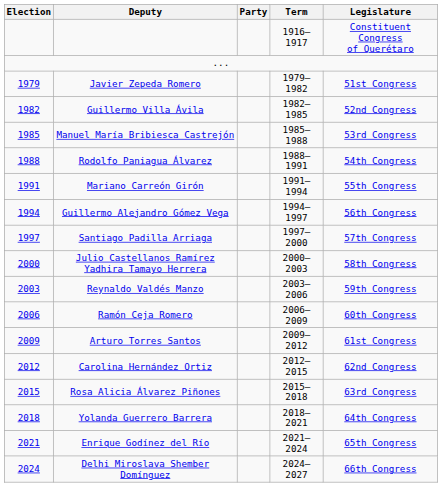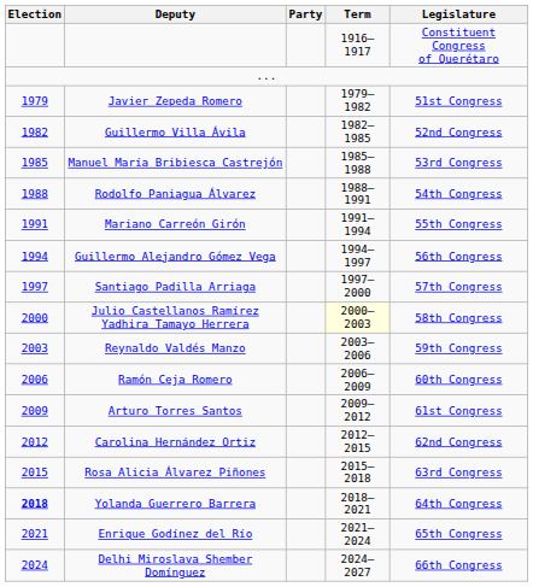 <table class="wikitable sortable" style="text-align: center">
 <tr>
 <th>Election</th>
 <th class="unsortable">Deputy</th>
 <th class="unsortable">Party</th>
 <th class="unsortable">Term</th>
 <th class="unsortable">Legislature</th>
 </tr>
 <tr>
 <td></td>
 <td></td>
 <td></td>
 <td>1916–1917</td>
 <td><a href='#'>Constituent Congress<br>of Querétaro</a></td>
 </tr>
 <tr>
 <td colspan=5> ...</td>
 </tr>
 <tr>
 <td><a href='#'>1979</a></td>
 <td><a href='#'>Javier Zepeda Romero</a></td>
 <td></td>
 <td>1979–1982</td>
 <td><a href='#'>51st Congress</a></td>
 </tr>
 <tr>
 <td><a href='#'>1982</a></td>
 <td><a href='#'>Guillermo Villa Ávila</a></td>
 <td></td>
 <td>1982–1985</td>
 <td><a href='#'>52nd Congress</a></td>
 </tr>
 <tr>
 <td><a href='#'>1985</a></td>
 <td><a href='#'>Manuel María Bribiesca Castrejón</a></td>
 <td></td>
 <td>1985–1988</td>
 <td><a href='#'>53rd Congress</a></td>
 </tr>
 <tr>
 <td><a href='#'>1988</a></td>
 <td><a href='#'>Rodolfo Paniagua Álvarez</a></td>
 <td></td>
 <td>1988–1991</td>
 <td><a href='#'>54th Congress</a></td>
 </tr>
 <tr>
 <td><a href='#'>1991</a></td>
 <td><a href='#'>Mariano Carreón Girón</a></td>
 <td></td>
 <td>1991–1994</td>
 <td><a href='#'>55th Congress</a></td>
 </tr>
 <tr>
 <td><a href='#'>1994</a></td>
 <td><a href='#'>Guillermo Alejandro Gómez Vega</a></td>
 <td></td>
 <td>1994–1997</td>
 <td><a href='#'>56th Congress</a></td>
 </tr>
 <tr>
 <td><a href='#'>1997</a></td>
 <td><a href='#'>Santiago Padilla Arriaga</a></td>
 <td></td>
 <td>1997–2000</td>
 <td><a href='#'>57th Congress</a></td>
 </tr>
 <tr>
 <td><a href='#'>2000</a></td>
 <td><a href='#'>Julio Castellanos Ramírez</a><br><a href='#'>Yadhira Tamayo Herrera</a></td>
 <td></td>
-<td>2000–2003</td>
+<td style="background: lightyellow;">2000–2003</td>
 <td><a href='#'>58th Congress</a></td>
 </tr>
 <tr>
 <td><a href='#'>2003</a></td>
 <td><a href='#'>Reynaldo Valdés Manzo</a></td>
 <td></td>
 <td>2003–2006</td>
 <td><a href='#'>59th Congress</a></td>
 </tr>
 <tr>
 <td><a href='#'>2006</a></td>
 <td><a href='#'>Ramón Ceja Romero</a></td>
 <td></td>
 <td>2006–2009</td>
 <td><a href='#'>60th Congress</a></td>
 </tr>
 <tr>
 <td><a href='#'>2009</a></td>
 <td><a href='#'>Arturo Torres Santos</a></td>
 <td></td>
 <td>2009–2012</td>
 <td><a href='#'>61st Congress</a></td>
 </tr>
 <tr>
 <td><a href='#'>2012</a></td>
 <td><a href='#'>Carolina Hernández Ortiz</a></td>
 <td></td>
 <td>2012–2015</td>
 <td><a href='#'>62nd Congress</a></td>
 </tr>
 <tr>
 <td><a href='#'>2015</a></td>
 <td><a href='#'>Rosa Alicia Álvarez Piñones</a></td>
 <td></td>
 <td>2015–2018</td>
 <td><a href='#'>63rd Congress</a></td>
 </tr>
 <tr>
-<td><a href='#'>2018</a></td>
+<td><strong><a href='#'>2018</a></strong></td>
 <td><a href='#'>Yolanda Guerrero Barrera</a></td>
 <td></td>
 <td>2018–2021</td>
 <td><a href='#'>64th Congress</a></td>
 </tr>
 <tr>
 <td><a href='#'>2021</a></td>
 <td><a href='#'>Enrique Godínez del Río</a></td>
 <td></td>
 <td>2021–2024</td>
 <td><a href='#'>65th Congress</a></td>
 </tr>
 <tr>
 <td><a href='#'>2024</a></td>
 <td><a href='#'>Delhi Miroslava Shember Domínguez</a></td>
 <td></td>
 <td>2024–2027</td>
 <td><a href='#'>66th Congress</a></td>
 </tr>
 </table>
